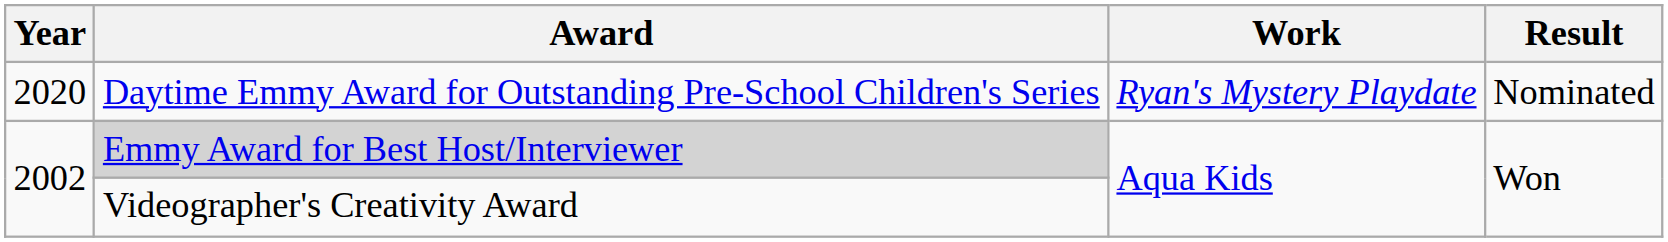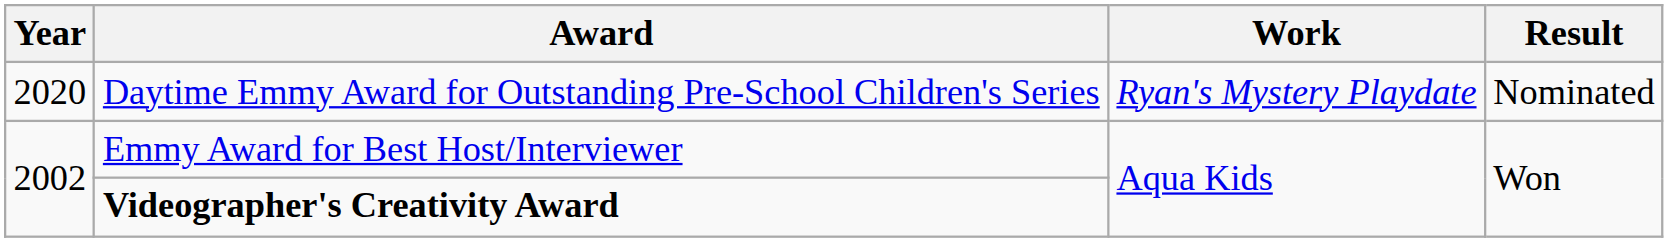 <table class="wikitable">
 <tr>
 <th>Year</th>
 <th>Award</th>
 <th>Work</th>
 <th>Result</th>
 </tr>
 <tr>
 <td>2020</td>
 <td><a href='#'>Daytime Emmy Award for Outstanding Pre-School Children's Series</a></td>
 <td><em><a href='#'>Ryan's Mystery Playdate</a></em></td>
 <td>Nominated</td>
 </tr>
 <tr>
 <td rowspan="2">2002</td>
-<td style="background: lightgrey;"><a href='#'>Emmy Award for Best Host/Interviewer</a></td>
+<td><a href='#'>Emmy Award for Best Host/Interviewer</a></td>
 <td rowspan="2"><a href='#'>Aqua Kids</a></td>
 <td rowspan="2">Won</td>
 </tr>
 <tr>
-<td>Videographer's Creativity Award</td>
+<td><strong>Videographer's Creativity Award</strong></td>
 </tr>
 </table>
